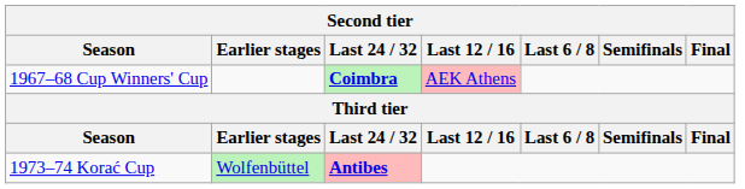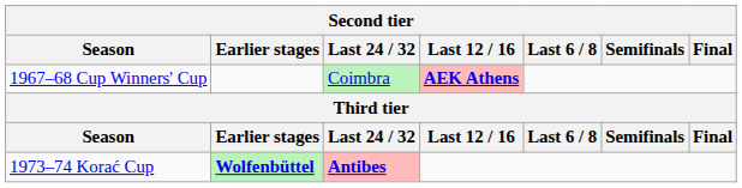 <table class="wikitable" style="font-size:90%">
 <tr>
 <th colspan=7>Second tier</th>
 </tr>
 <tr>
 <th>Season</th>
 <th>Earlier stages</th>
 <th>Last 24 / 32</th>
 <th>Last 12 / 16</th>
 <th>Last 6 / 8</th>
 <th>Semifinals</th>
 <th>Final</th>
 </tr>
 <tr>
 <td><a href='#'>1967–68 Cup Winners' Cup</a></td>
 <td></td>
-<td bgcolor=#BBF3BB><strong> <a href='#'>Coimbra</a></strong></td>
-<td bgcolor=#FFBBBB> <a href='#'>AEK Athens</a></td>
+<td bgcolor=#BBF3BB> <a href='#'>Coimbra</a></td>
+<td bgcolor=#FFBBBB><strong> <a href='#'>AEK Athens</a></strong></td>
 </tr>
 <tr>
 <th colspan=7>Third tier</th>
 </tr>
 <tr>
 <th>Season</th>
 <th>Earlier stages</th>
 <th>Last 24 / 32</th>
 <th>Last 12 / 16</th>
 <th>Last 6 / 8</th>
 <th>Semifinals</th>
 <th>Final</th>
 </tr>
 <tr>
 <td><a href='#'>1973–74 Korać Cup</a></td>
-<td bgcolor=#BBF3BB> <a href='#'>Wolfenbüttel</a></td>
+<td bgcolor=#BBF3BB><strong> <a href='#'>Wolfenbüttel</a></strong></td>
 <td bgcolor=#FFBBBB><strong> <a href='#'>Antibes</a></strong></td>
 </tr>
 </table>
